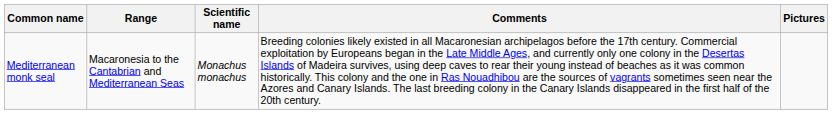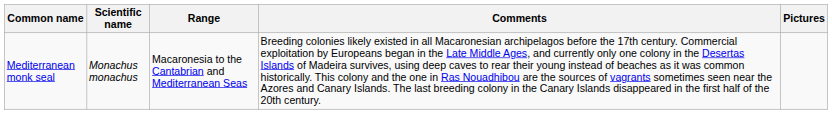 <table class="wikitable">
 <tr>
 <th>Common name</th>
+<th>Scientific name</th>
 <th>Range</th>
-<th>Scientific name</th>
 <th class="unsortable">Comments</th>
 <th class="unsortable">Pictures</th>
 </tr>
 <tr>
 <td><a href='#'>Mediterranean monk seal</a></td>
+<td><em>Monachus monachus</em></td>
 <td>Macaronesia to the <a href='#'>Cantabrian</a> and <a href='#'>Mediterranean Seas</a></td>
-<td><em>Monachus monachus</em></td>
 <td>Breeding colonies likely existed in all Macaronesian archipelagos before the 17th century. Commercial exploitation by Europeans began in the <a href='#'>Late Middle Ages</a>, and currently only one colony in the <a href='#'>Desertas Islands</a> of Madeira survives, using deep caves to rear their young instead of beaches as it was common historically. This colony and the one in <a href='#'>Ras Nouadhibou</a> are the sources of <a href='#'>vagrants</a> sometimes seen near the Azores and Canary Islands. The last breeding colony in the Canary Islands disappeared in the first half of the 20th century.</td>
 <td></td>
 </tr>
 </table>
